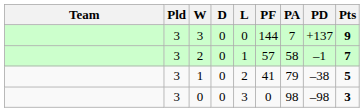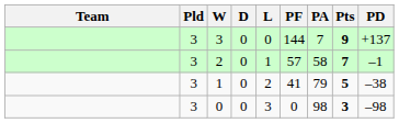 <table class="wikitable" style="text-align:center;">
 <tr>
 <th width="190">Team</th>
 <th width="20" abbr="Played">Pld</th>
 <th width="20" abbr="Won">W</th>
 <th width="20" abbr="Drawn">D</th>
 <th width="20" abbr="Lost">L</th>
 <th width="20" abbr="Points for">PF</th>
 <th width="20" abbr="Points against">PA</th>
+<th width="20" abbr="Points">Pts</th>
 <th width="25" abbr="Points difference">PD</th>
-<th width="20" abbr="Points">Pts</th>
 </tr>
 <tr style="background:#ccffcc">
 <td align="left"></td>
 <td>3</td>
 <td>3</td>
 <td>0</td>
 <td>0</td>
 <td>144</td>
 <td>7</td>
+<td><strong>9</strong></td>
 <td>+137</td>
-<td><strong>9</strong></td>
 </tr>
 <tr style="background:#ccffcc">
 <td align="left"></td>
 <td>3</td>
 <td>2</td>
 <td>0</td>
 <td>1</td>
 <td>57</td>
 <td>58</td>
+<td><strong>7</strong></td>
 <td>–1</td>
-<td><strong>7</strong></td>
 </tr>
 <tr>
 <td align="left"></td>
 <td>3</td>
 <td>1</td>
 <td>0</td>
 <td>2</td>
 <td>41</td>
 <td>79</td>
+<td><strong>5</strong></td>
 <td>–38</td>
-<td><strong>5</strong></td>
 </tr>
 <tr style="background:#">
 <td align="left"></td>
 <td>3</td>
 <td>0</td>
 <td>0</td>
 <td>3</td>
 <td>0</td>
 <td>98</td>
+<td><strong>3</strong></td>
 <td>–98</td>
-<td><strong>3</strong></td>
 </tr>
 </table>
